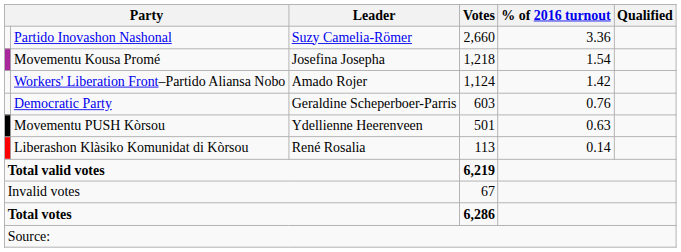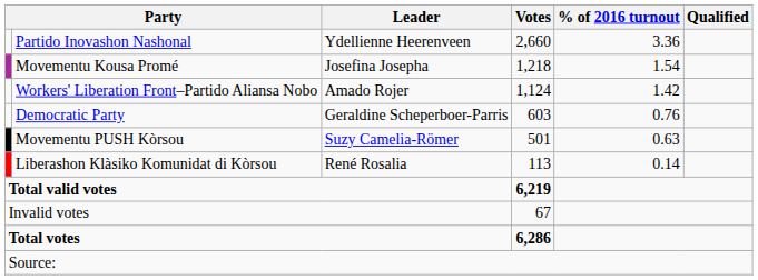 <table class=wikitable style=text-align:right>
 <tr>
 <th colspan=2>Party</th>
 <th>Leader</th>
 <th>Votes</th>
 <th>% of <a href='#'>2016 turnout</a></th>
 <th>Qualified</th>
 </tr>
 <tr>
 <td style="background:"></td>
 <td align=left><a href='#'>Partido Inovashon Nashonal</a></td>
-<td align=left><a href='#'>Suzy Camelia-Römer</a></td>
+<td align=left>Ydellienne Heerenveen</td>
 <td>2,660</td>
 <td>3.36</td>
 <td></td>
 </tr>
 <tr>
 <td style="background:#A8279B;"></td>
 <td align=left>Movementu Kousa Promé</td>
 <td align=left>Josefina Josepha</td>
 <td>1,218</td>
 <td>1.54</td>
 <td></td>
 </tr>
 <tr>
 <td style="background:"></td>
 <td align=left><a href='#'>Workers' Liberation Front</a>–Partido Aliansa Nobo</td>
 <td align=left>Amado Rojer</td>
 <td>1,124</td>
 <td>1.42</td>
 <td></td>
 </tr>
 <tr>
 <td style="background:"></td>
 <td align=left><a href='#'>Democratic Party</a></td>
 <td align=left>Geraldine Scheperboer-Parris</td>
 <td>603</td>
 <td>0.76</td>
 <td></td>
 </tr>
 <tr>
 <td style="background:#000000;"></td>
 <td align=left>Movementu PUSH Kòrsou</td>
-<td align=left>Ydellienne Heerenveen</td>
+<td align=left><a href='#'>Suzy Camelia-Römer</a></td>
 <td>501</td>
 <td>0.63</td>
 <td></td>
 </tr>
 <tr>
 <td style="background:red;"></td>
 <td align=left>Liberashon Klàsiko Komunidat di Kòrsou</td>
 <td align=left>René Rosalia</td>
 <td>113</td>
 <td>0.14</td>
 <td></td>
 </tr>
 <tr>
 <td align=left colspan=3><strong>Total valid votes</strong></td>
 <td><strong>6,219</strong></td>
 <td colspan=2></td>
 </tr>
 <tr>
 <td align=left colspan=3>Invalid votes</td>
 <td>67</td>
 <td colspan=2></td>
 </tr>
 <tr>
 <td align=left colspan=3><strong>Total votes</strong></td>
 <td><strong>6,286</strong></td>
 <td colspan=2></td>
 </tr>
 <tr>
 <td align=left colspan=7>Source: </td>
 </tr>
 </table>
